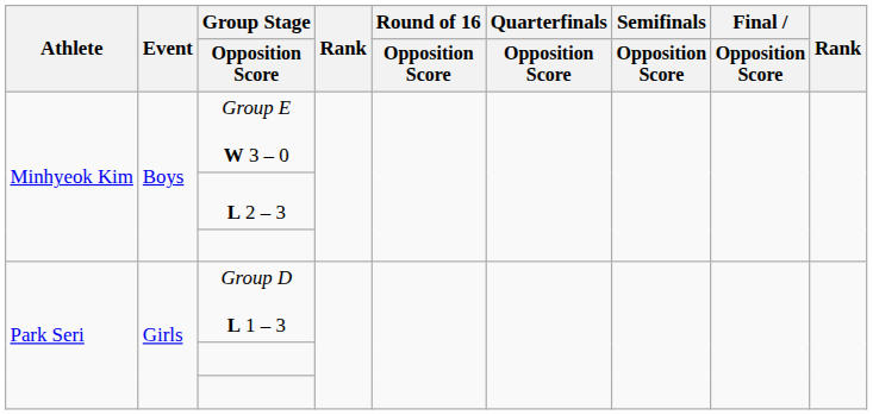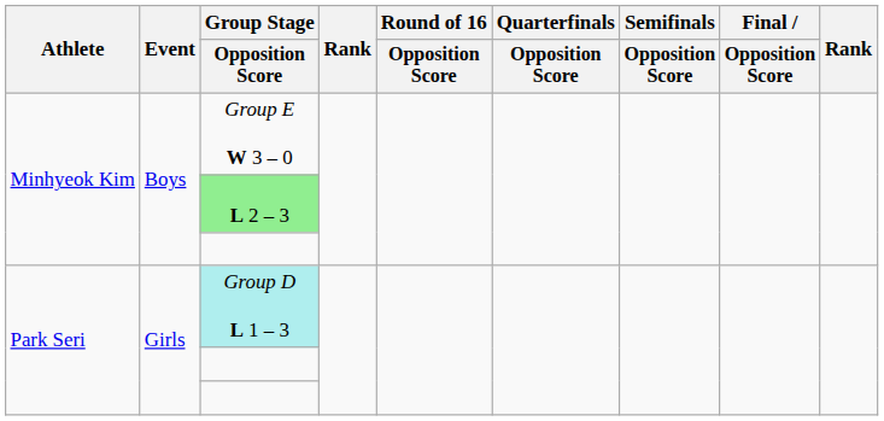 <table class=wikitable style="font-size:90%">
 <tr>
 <th rowspan="2">Athlete</th>
 <th rowspan="2">Event</th>
 <th>Group Stage</th>
 <th rowspan="2">Rank</th>
 <th>Round of 16</th>
 <th>Quarterfinals</th>
 <th>Semifinals</th>
 <th>Final / </th>
 <th rowspan=2>Rank</th>
 </tr>
 <tr style="font-size:95%">
 <th>Opposition<br>Score</th>
 <th>Opposition<br>Score</th>
 <th>Opposition<br>Score</th>
 <th>Opposition<br>Score</th>
 <th>Opposition<br>Score</th>
 </tr>
 <tr align=center>
 <td align=left rowspan=3><a href='#'>Minhyeok Kim</a></td>
 <td align=left rowspan=3><a href='#'>Boys</a></td>
 <td><em>Group E</em><br><br><strong>W</strong> 3 – 0</td>
 <td rowspan=3></td>
 <td rowspan=3></td>
 <td rowspan=3></td>
 <td rowspan=3></td>
 <td rowspan=3></td>
 <td rowspan=3></td>
 </tr>
 <tr align=center>
-<td><br><strong>L</strong> 2 – 3</td>
+<td style="background: lightgreen;"><br><strong>L</strong> 2 – 3</td>
 </tr>
 <tr align=center>
 <td><br></td>
 </tr>
 <tr align=center>
 <td align=left rowspan=3><a href='#'>Park Seri</a></td>
 <td align=left rowspan=3><a href='#'>Girls</a></td>
-<td><em>Group D</em><br><br><strong>L</strong> 1 – 3</td>
+<td style="background: paleturquoise;"><em>Group D</em><br><br><strong>L</strong> 1 – 3</td>
 <td rowspan=3></td>
 <td rowspan=3></td>
 <td rowspan=3></td>
 <td rowspan=3></td>
 <td rowspan=3></td>
 <td rowspan=3></td>
 </tr>
 <tr align=center>
 <td><br></td>
 </tr>
 <tr align=center>
 <td><br></td>
 </tr>
 </table>
